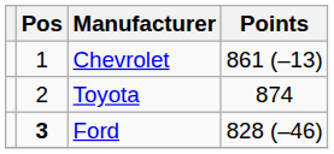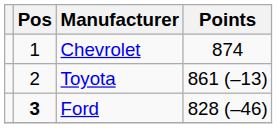 <table class="wikitable" style="font-size: 95%;">
 <tr>
 <th></th>
 <th>Pos</th>
 <th>Manufacturer</th>
 <th>Points</th>
 </tr>
 <tr>
 <td align="left"></td>
 <td style="text-align:center;">1</td>
 <td><a href='#'>Chevrolet</a></td>
-<td style="text-align:center;">861 (–13)</td>
+<td style="text-align:center;">874</td>
 </tr>
 <tr>
 <td align="left"></td>
 <td style="text-align:center;">2</td>
 <td><a href='#'>Toyota</a></td>
-<td style="text-align:center;">874</td>
+<td style="text-align:center;">861 (–13)</td>
 </tr>
 <tr>
 <td align="left"></td>
 <td style="text-align:center;"><strong>3</strong></td>
 <td><a href='#'>Ford</a></td>
 <td style="text-align:center;">828 (–46)</td>
 </tr>
 <tr class="sortbottom">
 </tr>
 </table>
